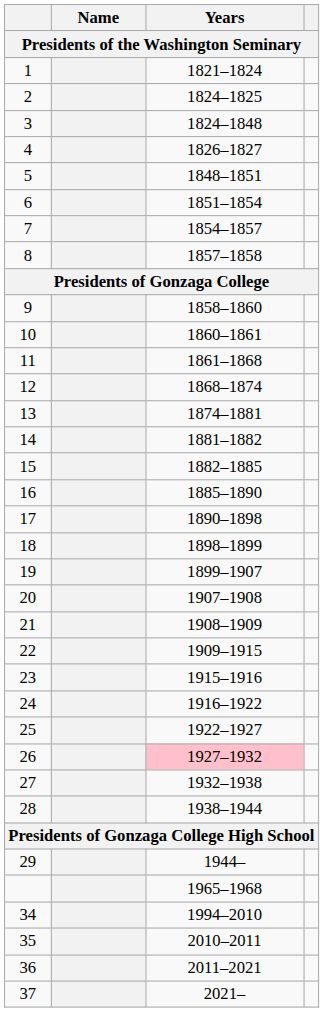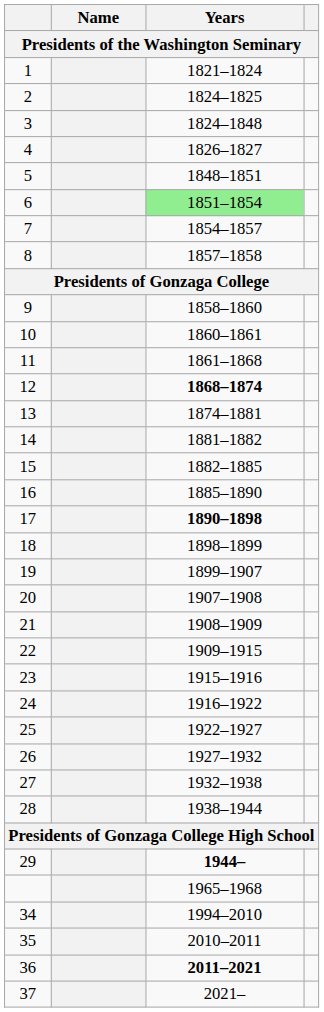 <table class="wikitable sortable plainrowheaders">
 <tr>
 <th scope="col"></th>
 <th scope="col">Name</th>
 <th scope="col">Years</th>
 <th scope="col" class="unsortable"></th>
 </tr>
 <tr>
 <th colspan="4" align="center"><strong>Presidents of the Washington Seminary</strong></th>
 </tr>
 <tr>
 <td align="center">1</td>
 <th scope="row"> </th>
 <td align="center">1821–1824</td>
 <td align="center"></td>
 </tr>
 <tr>
 <td align="center">2</td>
 <th scope="row"> </th>
 <td align="center">1824–1825</td>
 <td align="center"></td>
 </tr>
 <tr>
 <td align="center">3</td>
 <th scope="row"> </th>
 <td align="center">1824–1848</td>
 <td align="center"></td>
 </tr>
 <tr>
 <td align="center">4</td>
 <th scope="row"> </th>
 <td align="center">1826–1827</td>
 <td align="center"></td>
 </tr>
 <tr>
 <td align="center">5</td>
 <th scope="row"> </th>
 <td align="center">1848–1851</td>
 <td align="center"></td>
 </tr>
 <tr>
 <td align="center">6</td>
 <th scope="row"> </th>
-<td align="center">1851–1854</td>
+<td align="center" style="background: lightgreen;">1851–1854</td>
 <td align="center"></td>
 </tr>
 <tr>
 <td align="center">7</td>
 <th scope="row"> </th>
 <td align="center">1854–1857</td>
 <td align="center"></td>
 </tr>
 <tr>
 <td align="center">8</td>
 <th scope="row"> </th>
 <td align="center">1857–1858</td>
 <td align="center"></td>
 </tr>
 <tr>
 <th colspan="4">Presidents of Gonzaga College</th>
 </tr>
 <tr>
 <td align="center">9</td>
 <th scope="row"> </th>
 <td align="center">1858–1860</td>
 <td align="center"></td>
 </tr>
 <tr>
 <td align="center">10</td>
 <th scope="row"> </th>
 <td align="center">1860–1861</td>
 <td align="center"></td>
 </tr>
 <tr>
 <td align="center">11</td>
 <th scope="row"> </th>
 <td align="center">1861–1868</td>
 <td align="center"></td>
 </tr>
 <tr>
 <td align="center">12</td>
 <th scope="row"> </th>
-<td align="center">1868–1874</td>
+<td align="center"><strong>1868–1874</strong></td>
 <td align="center"></td>
 </tr>
 <tr>
 <td align="center">13</td>
 <th scope="row"> </th>
 <td align="center">1874–1881</td>
 <td align="center"></td>
 </tr>
 <tr>
 <td align="center">14</td>
 <th scope="row"> </th>
 <td align="center">1881–1882</td>
 <td align="center"></td>
 </tr>
 <tr>
 <td align="center">15</td>
 <th scope="row"> </th>
 <td align="center">1882–1885</td>
 <td align="center"></td>
 </tr>
 <tr>
 <td align="center">16</td>
 <th scope="row"> </th>
 <td align="center">1885–1890</td>
 <td align="center"></td>
 </tr>
 <tr>
 <td align="center">17</td>
 <th scope="row"> </th>
-<td align="center">1890–1898</td>
+<td align="center"><strong>1890–1898</strong></td>
 <td align="center"></td>
 </tr>
 <tr>
 <td align="center">18</td>
 <th scope="row"> </th>
 <td align="center">1898–1899</td>
 <td align="center"></td>
 </tr>
 <tr>
 <td align="center">19</td>
 <th scope="row"> </th>
 <td align="center">1899–1907</td>
 <td align="center"></td>
 </tr>
 <tr>
 <td align="center">20</td>
 <th scope="row"> </th>
 <td align="center">1907–1908</td>
 <td align="center"></td>
 </tr>
 <tr>
 <td align="center">21</td>
 <th scope="row"> </th>
 <td align="center">1908–1909</td>
 <td align="center"></td>
 </tr>
 <tr>
 <td align="center">22</td>
 <th scope="row"> </th>
 <td align="center">1909–1915</td>
 <td align="center"></td>
 </tr>
 <tr>
 <td align="center">23</td>
 <th scope="row"> </th>
 <td align="center">1915–1916</td>
 <td align="center"></td>
 </tr>
 <tr>
 <td align="center">24</td>
 <th scope="row"> </th>
 <td align="center">1916–1922</td>
 <td align="center"></td>
 </tr>
 <tr>
 <td align="center">25</td>
 <th scope="row"> </th>
 <td align="center">1922–1927</td>
 <td align="center"></td>
 </tr>
 <tr>
 <td align="center">26</td>
 <th scope="row"> </th>
-<td align="center" style="background: pink;">1927–1932</td>
+<td align="center">1927–1932</td>
 <td align="center"></td>
 </tr>
 <tr>
 <td align="center">27</td>
 <th scope="row"> </th>
 <td align="center">1932–1938</td>
 <td align="center"></td>
 </tr>
 <tr>
 <td align="center">28</td>
 <th scope="row"> </th>
 <td align="center">1938–1944</td>
 <td align="center"></td>
 </tr>
 <tr>
 <th colspan="4">Presidents of Gonzaga College High School</th>
 </tr>
 <tr>
 <td align="center">29</td>
 <th scope="row"> </th>
-<td align="center">1944–</td>
+<td align="center"><strong>1944–</strong></td>
 <td align="center"></td>
 </tr>
 <tr>
 <td align="center"></td>
 <th scope="row"> </th>
 <td align="center">1965–1968</td>
 <td align="center"></td>
 </tr>
 <tr>
 <td align="center">34</td>
 <th scope="row"> </th>
 <td align="center">1994–2010</td>
 <td align="center"></td>
 </tr>
 <tr>
 <td align="center">35</td>
 <th scope="row"> </th>
 <td align="center">2010–2011</td>
 <td align="center"></td>
 </tr>
 <tr>
 <td align="center">36</td>
 <th scope="row"> </th>
-<td align="center">2011–2021</td>
+<td align="center"><strong>2011–2021</strong></td>
 <td align="center"></td>
 </tr>
 <tr>
 <td align="center">37</td>
 <th scope="row"> </th>
 <td align="center">2021–</td>
 <td align="center"></td>
 </tr>
 </table>
